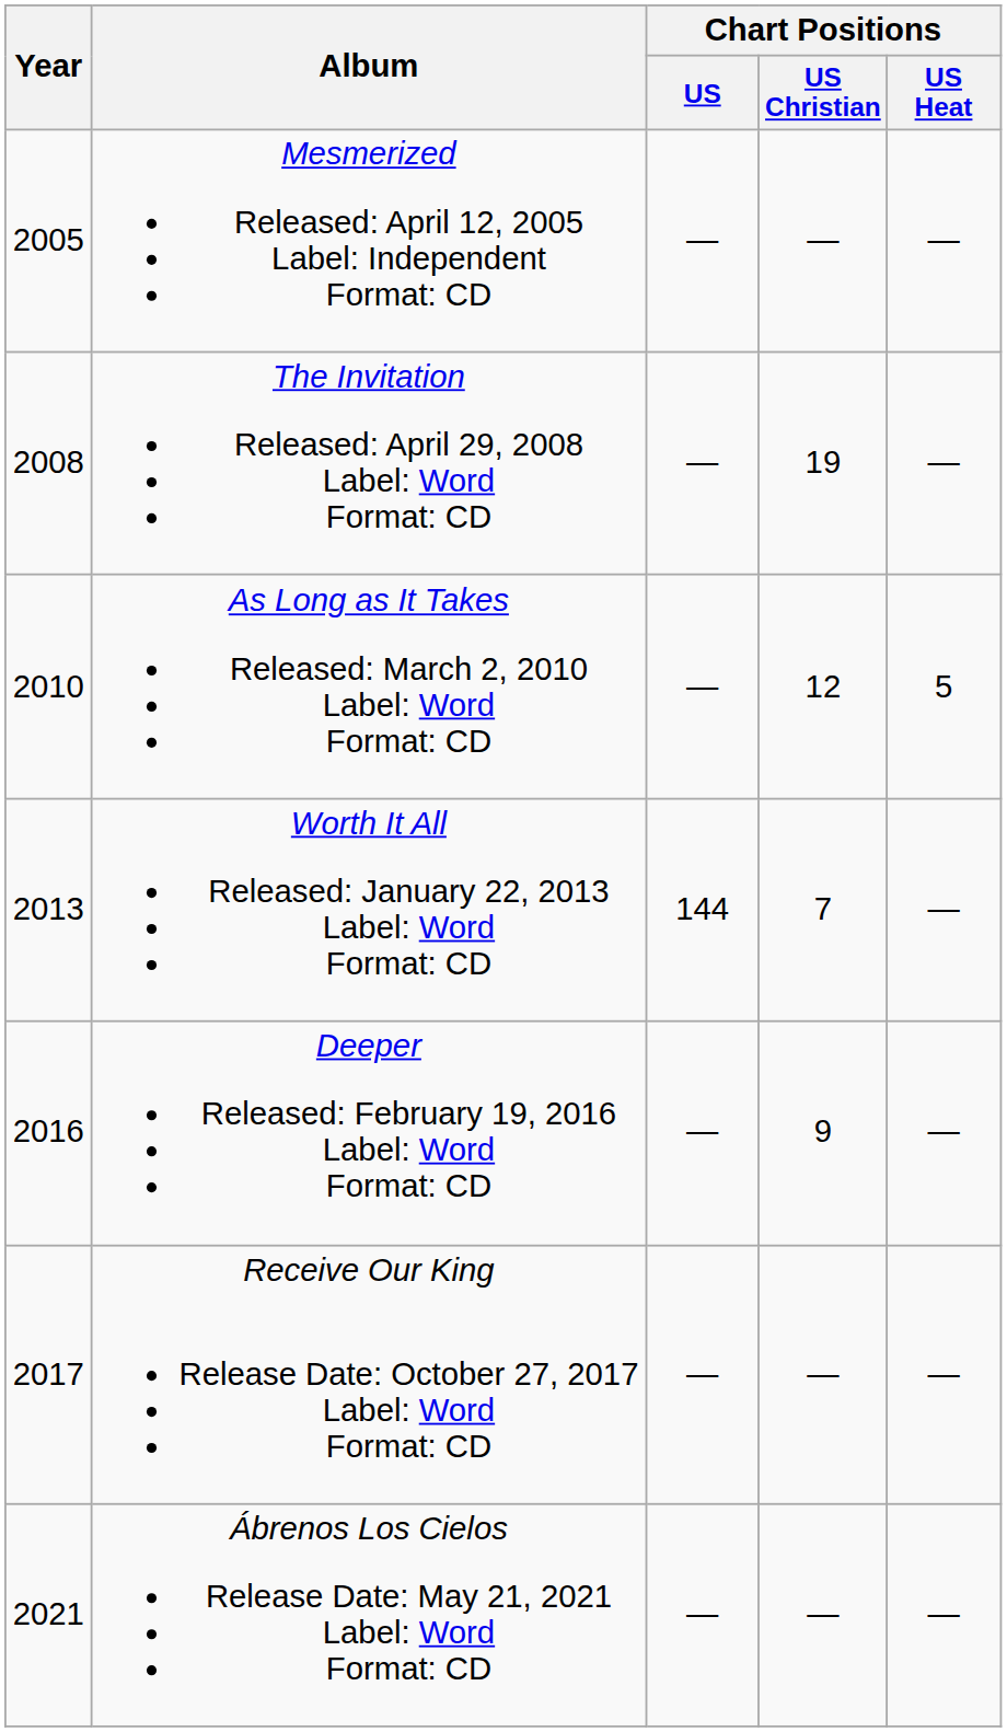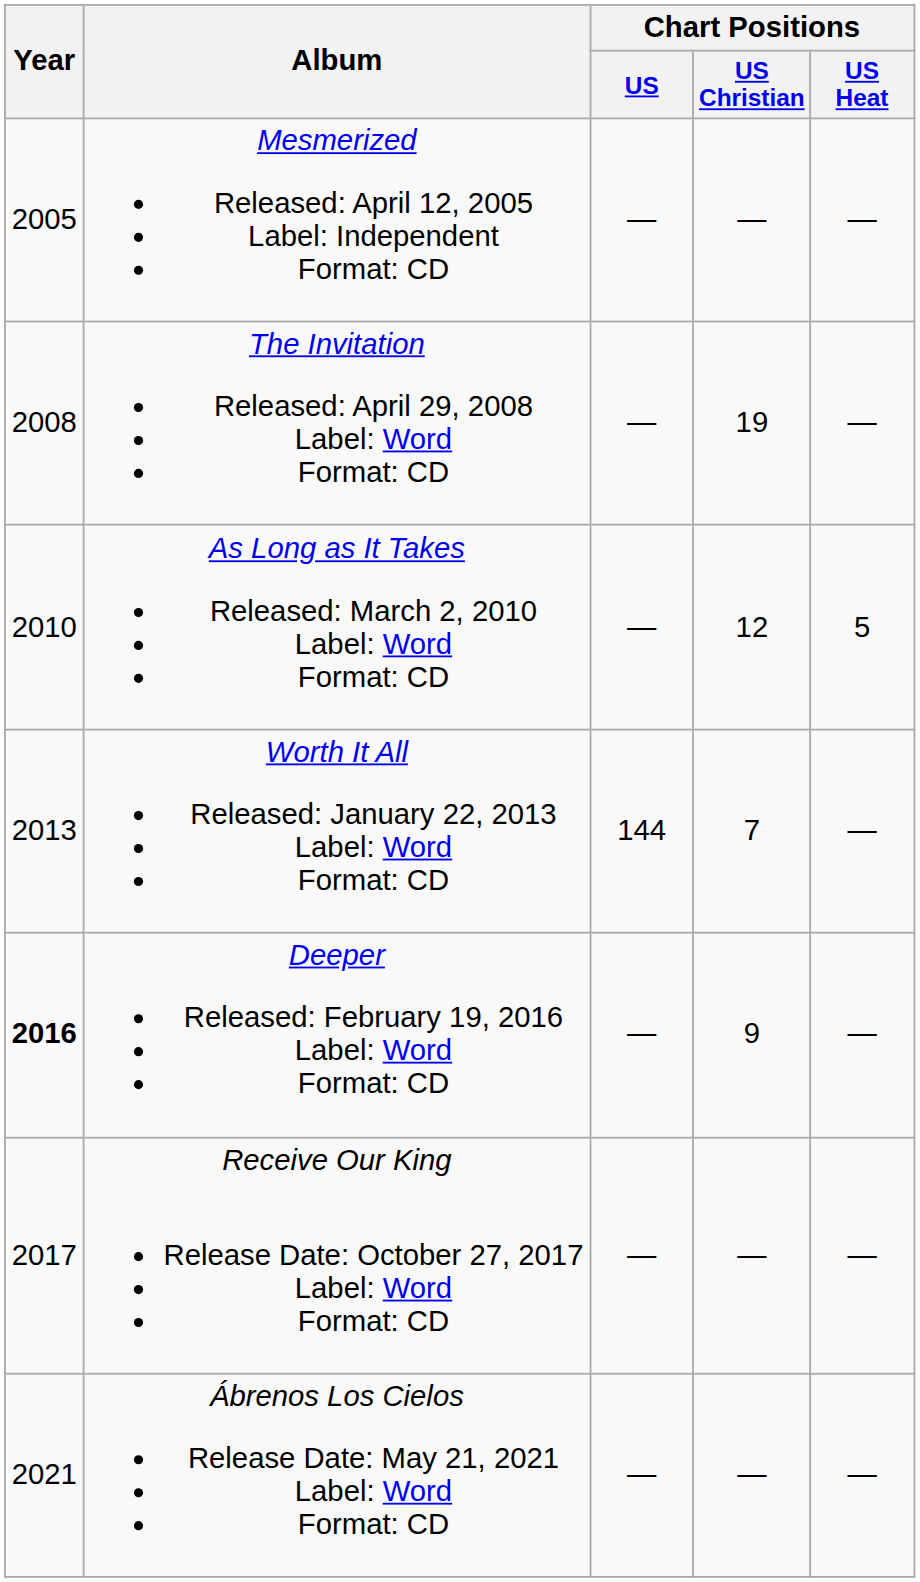 <table class="wikitable" style="text-align:center;">
 <tr>
 <th rowspan="2">Year</th>
 <th ! rowspan="2">Album</th>
 <th ! colspan="3">Chart Positions</th>
 </tr>
 <tr style="font-size:smaller;">
 <th width="50"><a href='#'>US</a></th>
 <th width="50"><a href='#'>US Christian</a></th>
 <th width="50"><a href='#'>US<br>Heat</a></th>
 </tr>
 <tr>
 <td>2005</td>
 <td><em><a href='#'>Mesmerized</a></em><br><ul><li>Released: April 12, 2005</li><li>Label: Independent</li><li>Format: CD</li></ul></td>
 <td>—</td>
 <td>—</td>
 <td>—</td>
 </tr>
 <tr>
 <td>2008</td>
 <td><em><a href='#'>The Invitation</a></em><br><ul><li>Released: April 29, 2008</li><li>Label: <a href='#'>Word</a></li><li>Format: CD</li></ul></td>
 <td>—</td>
 <td>19</td>
 <td>—</td>
 </tr>
 <tr>
 <td>2010</td>
 <td><em><a href='#'>As Long as It Takes</a></em><br><ul><li>Released: March 2, 2010</li><li>Label: <a href='#'>Word</a></li><li>Format: CD</li></ul></td>
 <td>—</td>
 <td>12</td>
 <td>5</td>
 </tr>
 <tr>
 <td>2013</td>
 <td><em><a href='#'>Worth It All</a></em><br><ul><li>Released: January 22, 2013</li><li>Label: <a href='#'>Word</a></li><li>Format: CD</li></ul></td>
 <td>144</td>
 <td>7</td>
 <td>—</td>
 </tr>
 <tr>
-<td>2016</td>
+<td><strong>2016</strong></td>
 <td><em><a href='#'>Deeper</a></em><br><ul><li>Released: February 19, 2016</li><li>Label: <a href='#'>Word</a></li><li>Format: CD</li></ul></td>
 <td>—</td>
 <td>9</td>
 <td>—</td>
 </tr>
 <tr>
 <td>2017</td>
 <td><em>Receive Our King</em><br><br><ul><li>Release Date: October 27, 2017</li><li>Label: <a href='#'>Word</a></li><li>Format: CD</li></ul></td>
 <td>—</td>
 <td>—</td>
 <td>—</td>
 </tr>
 <tr>
 <td>2021</td>
 <td><em>Ábrenos Los Cielos</em><br><ul><li>Release Date: May 21, 2021</li><li>Label: <a href='#'>Word</a></li><li>Format: CD</li></ul></td>
 <td>—</td>
 <td>—</td>
 <td>—</td>
 </tr>
 </table>
